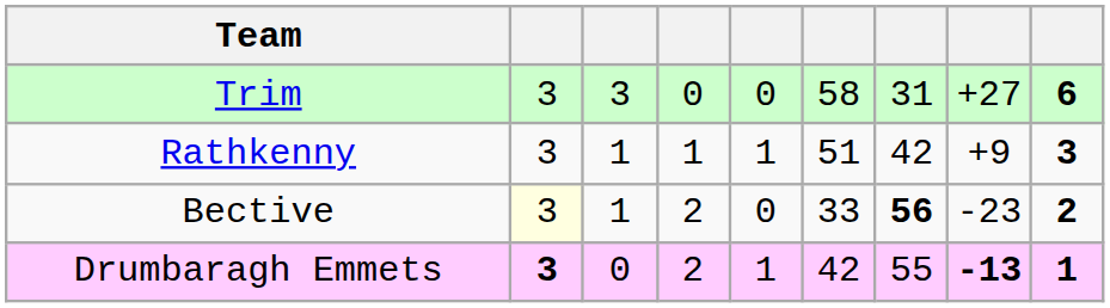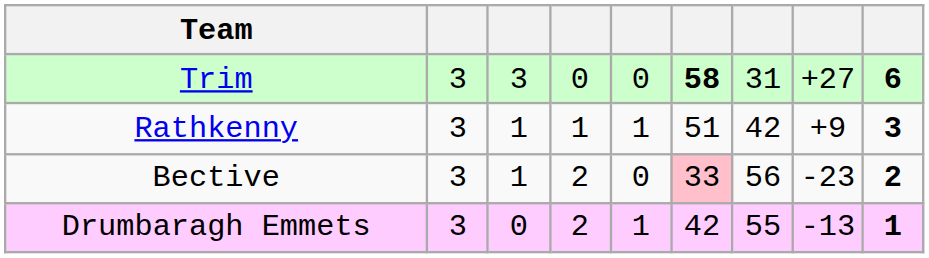 <table class="wikitable" style="text-align:center">
 <tr>
 <th style="width:175px;">Team</th>
 <th width="20"></th>
 <th width="20"></th>
 <th width="20"></th>
 <th width="20"></th>
 <th width="20"></th>
 <th width="20"></th>
 <th width="20"></th>
 <th width="20"></th>
 </tr>
 <tr style="background:#cfc;">
 <td><a href='#'>Trim</a></td>
 <td>3</td>
 <td>3</td>
 <td>0</td>
 <td>0</td>
-<td>58</td>
+<td><strong>58</strong></td>
 <td>31</td>
 <td>+27</td>
 <td><strong>6</strong></td>
 </tr>
 <tr>
 <td><a href='#'>Rathkenny</a></td>
 <td>3</td>
 <td>1</td>
 <td>1</td>
 <td>1</td>
 <td>51</td>
 <td>42</td>
 <td>+9</td>
 <td><strong>3</strong></td>
 </tr>
 <tr>
 <td>Bective</td>
-<td style="background: lightyellow;">3</td>
+<td>3</td>
 <td>1</td>
 <td>2</td>
 <td>0</td>
-<td>33</td>
-<td><strong>56</strong></td>
+<td style="background: pink;">33</td>
+<td>56</td>
 <td>-23</td>
 <td><strong>2</strong></td>
 </tr>
 <tr style="background:#fcf;">
 <td>Drumbaragh Emmets</td>
-<td><strong>3</strong></td>
+<td>3</td>
 <td>0</td>
 <td>2</td>
 <td>1</td>
 <td>42</td>
 <td>55</td>
-<td><strong>-13</strong></td>
+<td>-13</td>
 <td><strong>1</strong></td>
 </tr>
 </table>
